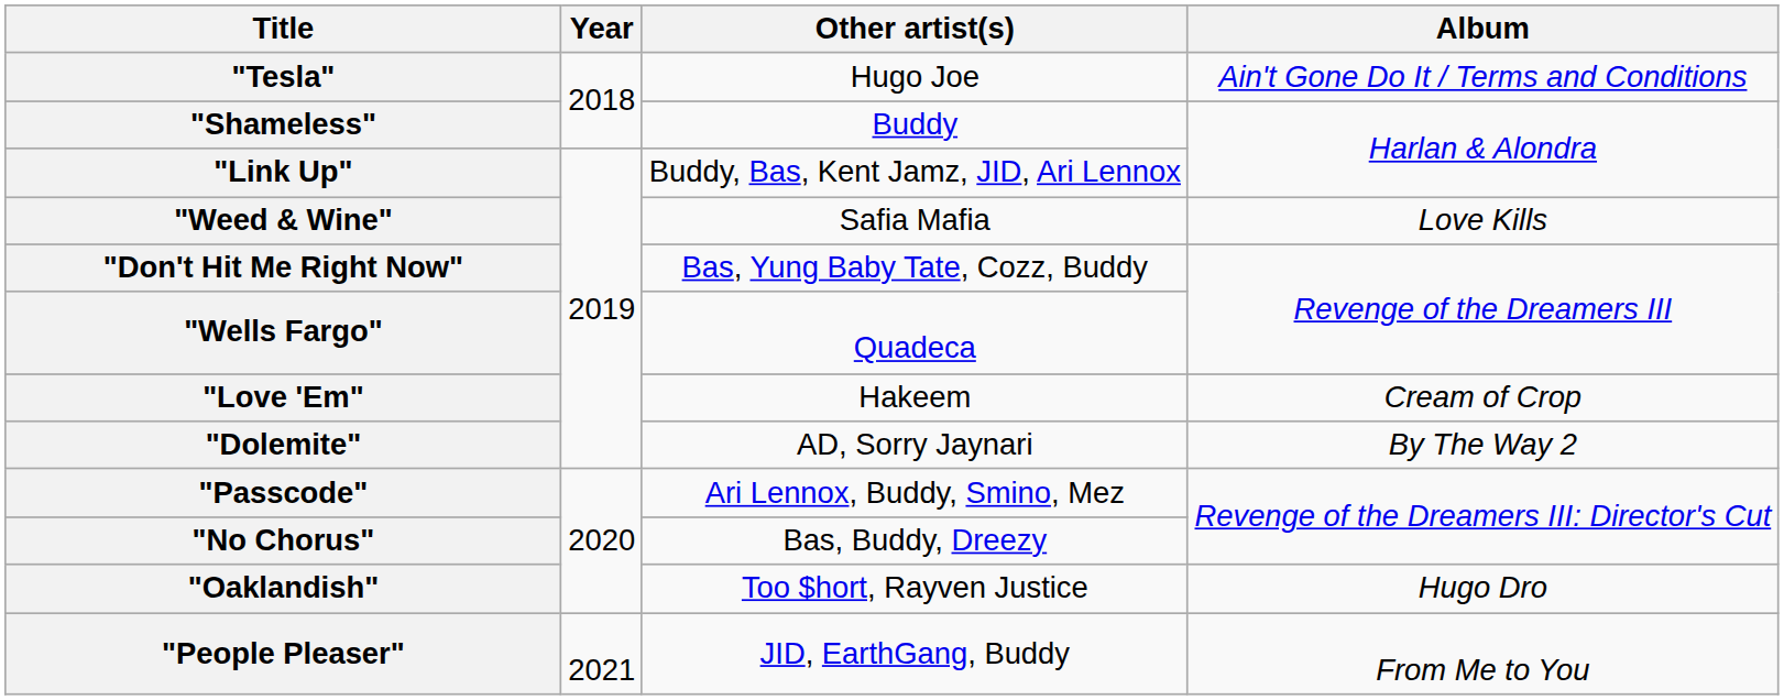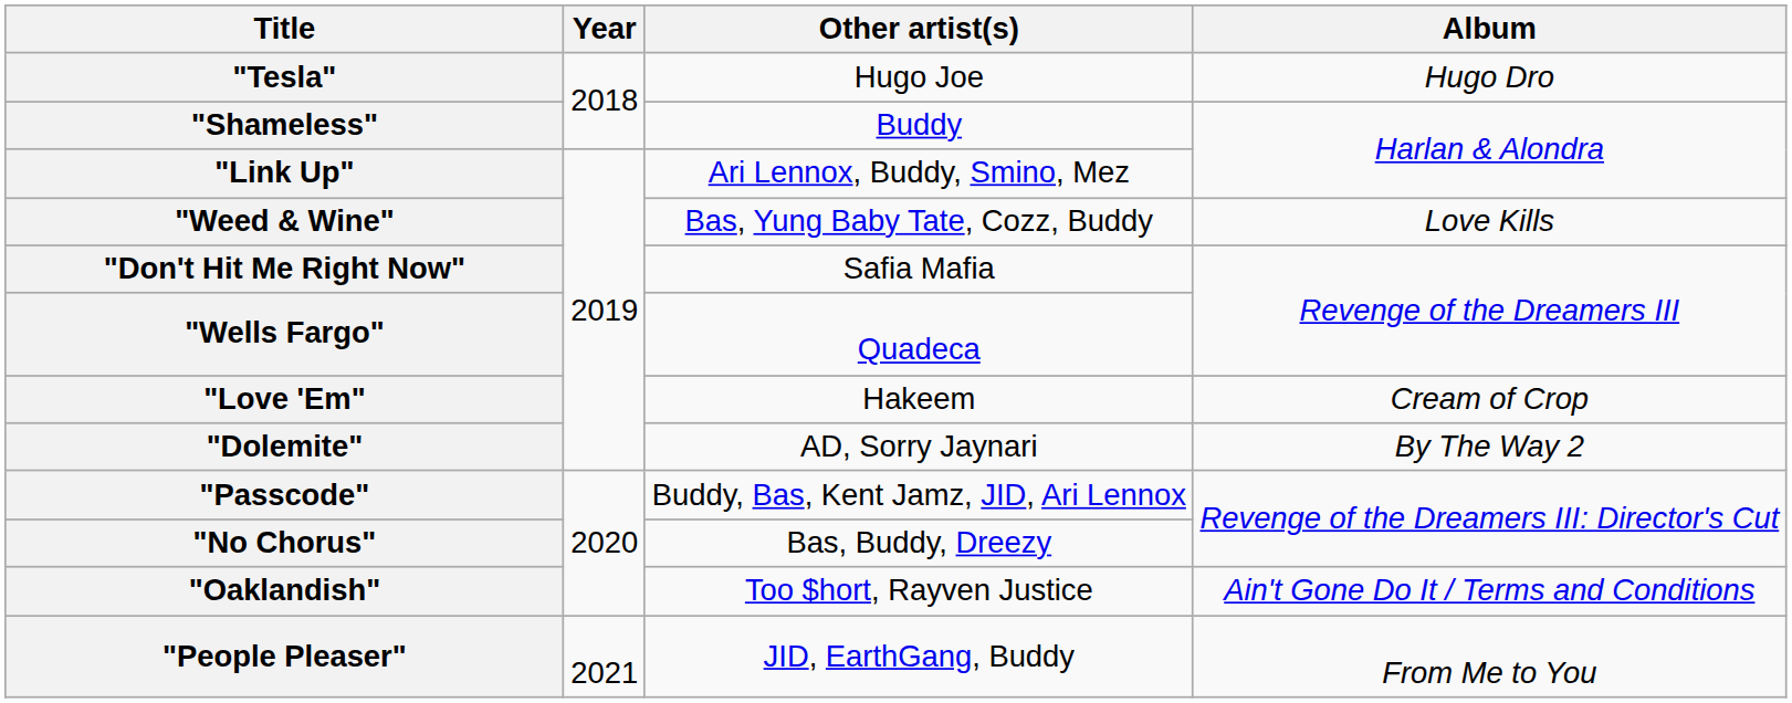 <table class="wikitable plainrowheaders" style="text-align:center;">
 <tr>
 <th scope="col" style="width:18em;">Title</th>
 <th scope="col">Year</th>
 <th scope="col">Other artist(s)</th>
 <th scope="col">Album</th>
 </tr>
 <tr>
 <th scope="row">"Tesla"</th>
 <td rowspan="2">2018</td>
 <td>Hugo Joe</td>
-<td><em><a href='#'>Ain't Gone Do It / Terms and Conditions</a></em></td>
+<td><em>Hugo Dro</em></td>
 </tr>
 <tr>
 <th scope="row">"Shameless"</th>
 <td><a href='#'>Buddy</a></td>
 <td rowspan="2"><em><a href='#'>Harlan & Alondra</a></em></td>
 </tr>
 <tr>
 <th scope="row">"Link Up"</th>
 <td rowspan="6">2019</td>
-<td>Buddy, <a href='#'>Bas</a>, Kent Jamz, <a href='#'>JID</a>, <a href='#'>Ari Lennox</a></td>
+<td><a href='#'>Ari Lennox</a>, Buddy, <a href='#'>Smino</a>, Mez</td>
 </tr>
 <tr>
 <th scope="row">"Weed & Wine"</th>
-<td>Safia Mafia</td>
+<td><a href='#'>Bas</a>, <a href='#'>Yung Baby Tate</a>, Cozz, Buddy</td>
 <td><em>Love Kills</em></td>
 </tr>
 <tr>
 <th scope="row">"Don't Hit Me Right Now"</th>
-<td><a href='#'>Bas</a>, <a href='#'>Yung Baby Tate</a>, Cozz, Buddy</td>
+<td>Safia Mafia</td>
 <td rowspan="2"><em><a href='#'>Revenge of the Dreamers III</a></em></td>
 </tr>
 <tr>
 <th scope="row">"Wells Fargo"</th>
 <td><br><a href='#'>Quadeca</a></td>
 </tr>
 <tr>
 <th scope="row">"Love 'Em"</th>
 <td>Hakeem</td>
 <td><em>Cream of Crop</em></td>
 </tr>
 <tr>
 <th scope="row">"Dolemite"</th>
 <td>AD, Sorry Jaynari</td>
 <td><em>By The Way 2</em></td>
 </tr>
 <tr>
 <th scope="row">"Passcode"</th>
 <td rowspan="3">2020</td>
-<td><a href='#'>Ari Lennox</a>, Buddy, <a href='#'>Smino</a>, Mez</td>
+<td>Buddy, <a href='#'>Bas</a>, Kent Jamz, <a href='#'>JID</a>, <a href='#'>Ari Lennox</a></td>
 <td rowspan="2"><em><a href='#'>Revenge of the Dreamers III: Director's Cut</a></em></td>
 </tr>
 <tr>
 <th scope="row">"No Chorus"</th>
 <td>Bas, Buddy, <a href='#'>Dreezy</a></td>
 </tr>
 <tr>
 <th scope="row">"Oaklandish"</th>
 <td><a href='#'>Too $hort</a>, Rayven Justice</td>
-<td><em>Hugo Dro</em></td>
+<td><em><a href='#'>Ain't Gone Do It / Terms and Conditions</a></em></td>
 </tr>
 <tr>
 <th scope="row">"People Pleaser"</th>
 <td><br>2021</td>
 <td><a href='#'>JID</a>, <a href='#'>EarthGang</a>, Buddy</td>
 <td><br><em>From Me to You</em></td>
 </tr>
 </table>
